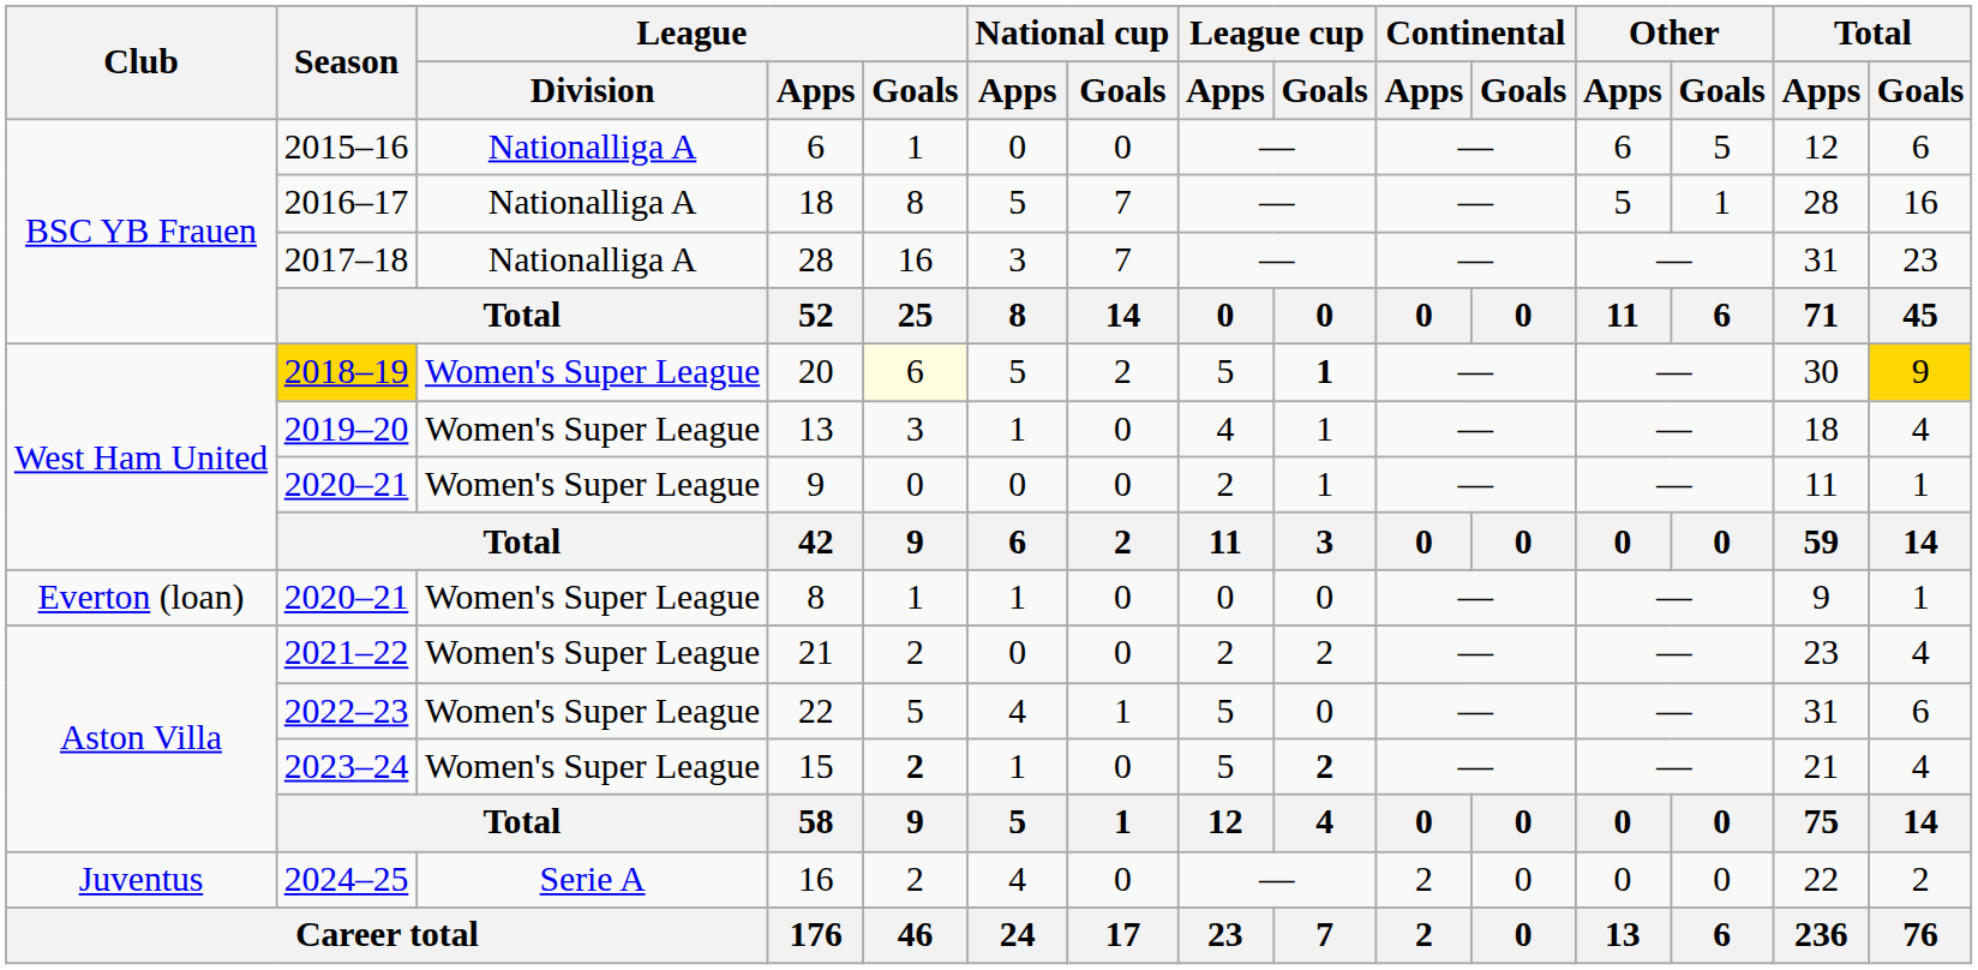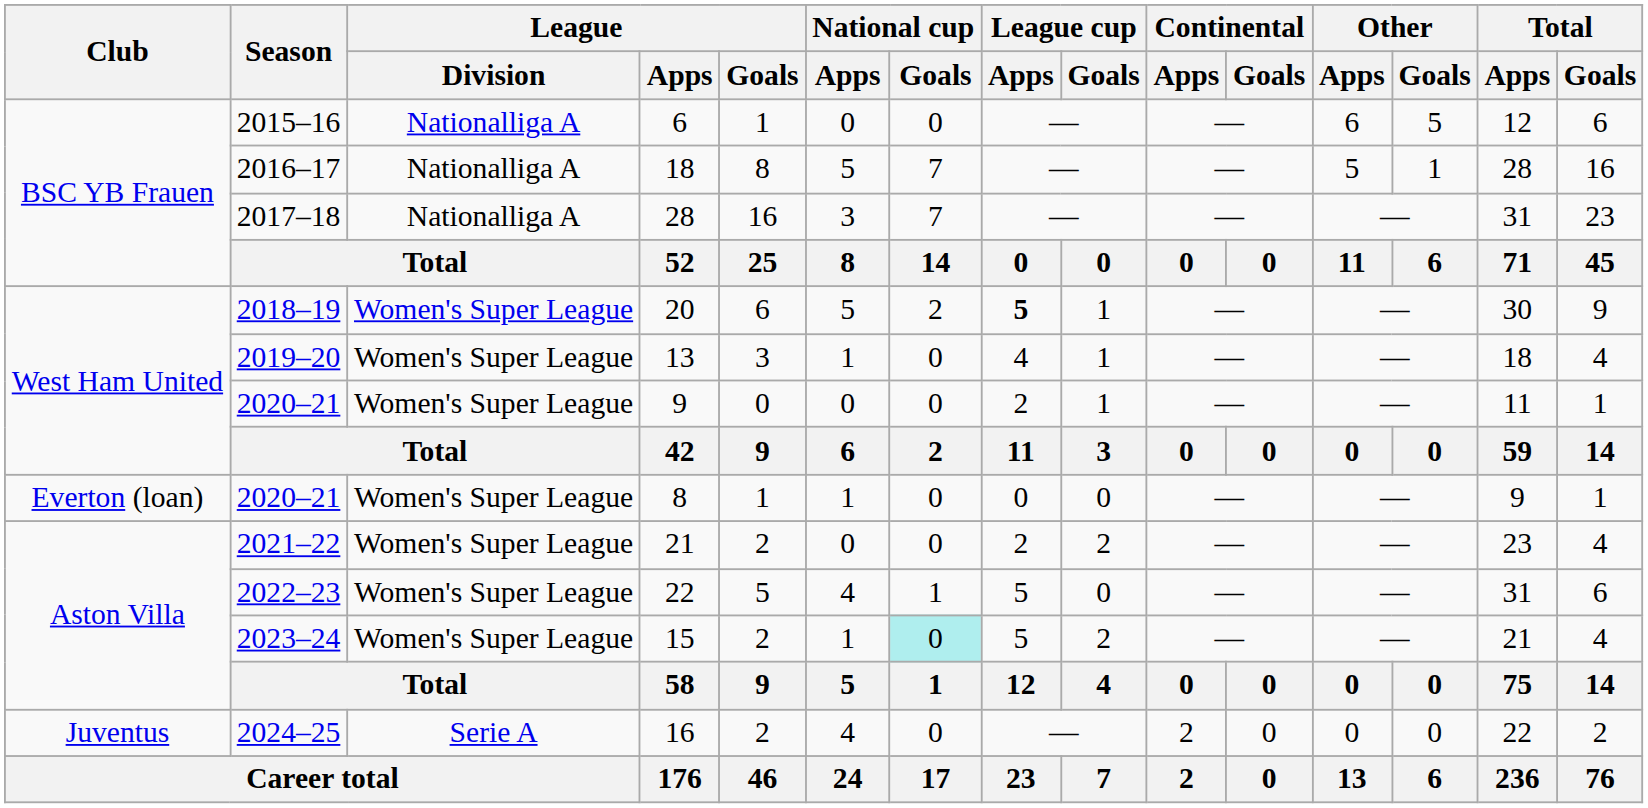 <table class="wikitable" style="text-align:center">
 <tr>
 <th rowspan="2">Club</th>
 <th rowspan="2">Season</th>
 <th colspan="3">League</th>
 <th colspan="2">National cup</th>
 <th colspan="2">League cup</th>
 <th colspan="2">Continental</th>
 <th colspan="2">Other</th>
 <th colspan="2">Total</th>
 </tr>
 <tr>
 <th>Division</th>
 <th>Apps</th>
 <th>Goals</th>
 <th>Apps</th>
 <th>Goals</th>
 <th>Apps</th>
 <th>Goals</th>
 <th>Apps</th>
 <th>Goals</th>
 <th>Apps</th>
 <th>Goals</th>
 <th>Apps</th>
 <th>Goals</th>
 </tr>
 <tr>
 <td rowspan="4"><a href='#'>BSC YB Frauen</a></td>
 <td>2015–16</td>
 <td><a href='#'>Nationalliga A</a></td>
 <td>6</td>
 <td>1</td>
 <td>0</td>
 <td>0</td>
 <td colspan="2">—</td>
 <td colspan="2">—</td>
 <td>6</td>
 <td>5</td>
 <td>12</td>
 <td>6</td>
 </tr>
 <tr>
 <td>2016–17</td>
 <td>Nationalliga A</td>
 <td>18</td>
 <td>8</td>
 <td>5</td>
 <td>7</td>
 <td colspan="2">—</td>
 <td colspan="2">—</td>
 <td>5</td>
 <td>1</td>
 <td>28</td>
 <td>16</td>
 </tr>
 <tr>
 <td>2017–18</td>
 <td>Nationalliga A</td>
 <td>28</td>
 <td>16</td>
 <td>3</td>
 <td>7</td>
 <td colspan="2">—</td>
 <td colspan="2">—</td>
 <td colspan="2">—</td>
 <td>31</td>
 <td>23</td>
 </tr>
 <tr>
 <th colspan="2">Total</th>
 <th>52</th>
 <th>25</th>
 <th>8</th>
 <th>14</th>
 <th>0</th>
 <th>0</th>
 <th>0</th>
 <th>0</th>
 <th>11</th>
 <th>6</th>
 <th>71</th>
 <th>45</th>
 </tr>
 <tr>
 <td rowspan="4"><a href='#'>West Ham United</a></td>
-<td style="background: gold;"><a href='#'>2018–19</a></td>
+<td><a href='#'>2018–19</a></td>
 <td><a href='#'>Women's Super League</a></td>
 <td>20</td>
-<td style="background: lightyellow;">6</td>
+<td>6</td>
 <td>5</td>
 <td>2</td>
-<td>5</td>
-<td><strong>1</strong></td>
+<td><strong>5</strong></td>
+<td>1</td>
 <td colspan="2">—</td>
 <td colspan="2">—</td>
 <td>30</td>
-<td style="background: gold;">9</td>
+<td>9</td>
 </tr>
 <tr>
 <td><a href='#'>2019–20</a></td>
 <td>Women's Super League</td>
 <td>13</td>
 <td>3</td>
 <td>1</td>
 <td>0</td>
 <td>4</td>
 <td>1</td>
 <td colspan="2">—</td>
 <td colspan="2">—</td>
 <td>18</td>
 <td>4</td>
 </tr>
 <tr>
 <td><a href='#'>2020–21</a></td>
 <td>Women's Super League</td>
 <td>9</td>
 <td>0</td>
 <td>0</td>
 <td>0</td>
 <td>2</td>
 <td>1</td>
 <td colspan="2">—</td>
 <td colspan="2">—</td>
 <td>11</td>
 <td>1</td>
 </tr>
 <tr>
 <th colspan="2">Total</th>
 <th>42</th>
 <th>9</th>
 <th>6</th>
 <th>2</th>
 <th>11</th>
 <th>3</th>
 <th>0</th>
 <th>0</th>
 <th>0</th>
 <th>0</th>
 <th>59</th>
 <th>14</th>
 </tr>
 <tr>
 <td><a href='#'>Everton</a> (loan)</td>
 <td><a href='#'>2020–21</a></td>
 <td>Women's Super League</td>
 <td>8</td>
 <td>1</td>
 <td>1</td>
 <td>0</td>
 <td>0</td>
 <td>0</td>
 <td colspan="2">—</td>
 <td colspan="2">—</td>
 <td>9</td>
 <td>1</td>
 </tr>
 <tr>
 <td rowspan="4"><a href='#'>Aston Villa</a></td>
 <td><a href='#'>2021–22</a></td>
 <td>Women's Super League</td>
 <td>21</td>
 <td>2</td>
 <td>0</td>
 <td>0</td>
 <td>2</td>
 <td>2</td>
 <td colspan="2">—</td>
 <td colspan="2">—</td>
 <td>23</td>
 <td>4</td>
 </tr>
 <tr>
 <td><a href='#'>2022–23</a></td>
 <td>Women's Super League</td>
 <td>22</td>
 <td>5</td>
 <td>4</td>
 <td>1</td>
 <td>5</td>
 <td>0</td>
 <td colspan="2">—</td>
 <td colspan="2">—</td>
 <td>31</td>
 <td>6</td>
 </tr>
 <tr>
 <td><a href='#'>2023–24</a></td>
 <td>Women's Super League</td>
 <td>15</td>
-<td><strong>2</strong></td>
+<td>2</td>
 <td>1</td>
-<td>0</td>
+<td style="background: paleturquoise;">0</td>
 <td>5</td>
-<td><strong>2</strong></td>
+<td>2</td>
 <td colspan="2">—</td>
 <td colspan="2">—</td>
 <td>21</td>
 <td>4</td>
 </tr>
 <tr>
 <th colspan="2">Total</th>
 <th>58</th>
 <th>9</th>
 <th>5</th>
 <th>1</th>
 <th>12</th>
 <th>4</th>
 <th>0</th>
 <th>0</th>
 <th>0</th>
 <th>0</th>
 <th>75</th>
 <th>14</th>
 </tr>
 <tr>
 <td><a href='#'>Juventus</a></td>
 <td><a href='#'>2024–25</a></td>
 <td><a href='#'>Serie A</a></td>
 <td>16</td>
 <td>2</td>
 <td>4</td>
 <td>0</td>
 <td colspan="2">—</td>
 <td>2</td>
 <td>0</td>
 <td>0</td>
 <td>0</td>
 <td>22</td>
 <td>2</td>
 </tr>
 <tr>
 <th colspan="3">Career total</th>
 <th>176</th>
 <th>46</th>
 <th>24</th>
 <th>17</th>
 <th>23</th>
 <th>7</th>
 <th>2</th>
 <th>0</th>
 <th>13</th>
 <th>6</th>
 <th>236</th>
 <th>76</th>
 </tr>
 </table>
